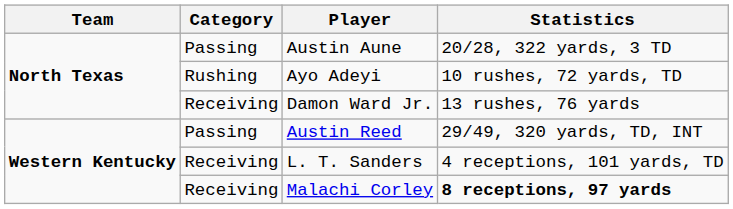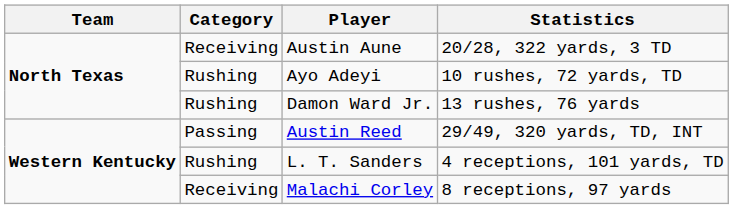 <table class="wikitable" style="float: left;">
 <tr>
 <th>Team</th>
 <th>Category</th>
 <th>Player</th>
 <th>Statistics</th>
 </tr>
 <tr>
 <td rowspan=3><strong>North Texas</strong></td>
-<td>Passing</td>
+<td>Receiving</td>
 <td>Austin Aune</td>
 <td>20/28, 322 yards, 3 TD</td>
 </tr>
 <tr>
 <td>Rushing</td>
 <td>Ayo Adeyi</td>
 <td>10 rushes, 72 yards, TD</td>
 </tr>
 <tr>
-<td>Receiving</td>
+<td>Rushing</td>
 <td>Damon Ward Jr.</td>
 <td>13 rushes, 76 yards</td>
 </tr>
 <tr>
 <td rowspan=3><strong>Western Kentucky</strong></td>
 <td>Passing</td>
 <td><a href='#'>Austin Reed</a></td>
 <td>29/49, 320 yards, TD, INT</td>
 </tr>
 <tr>
-<td>Receiving</td>
+<td>Rushing</td>
 <td>L. T. Sanders</td>
 <td>4 receptions, 101 yards, TD</td>
 </tr>
 <tr>
 <td>Receiving</td>
 <td><a href='#'>Malachi Corley</a></td>
-<td><strong>8 receptions, 97 yards</strong></td>
+<td>8 receptions, 97 yards</td>
 </tr>
 </table>
